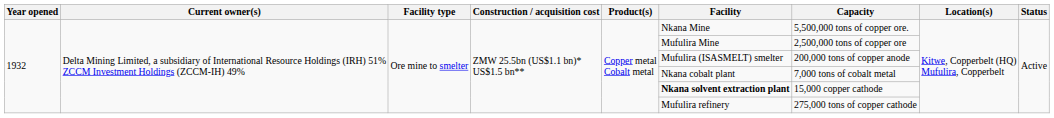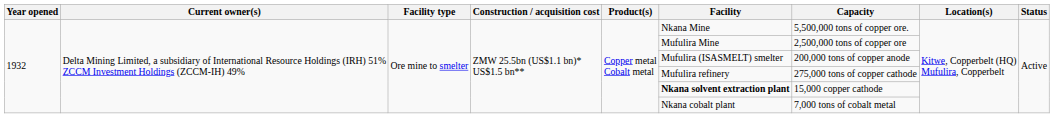 <table class="wikitable">
 <tr>
 <th>Year opened</th>
 <th>Current owner(s)</th>
 <th>Facility type</th>
 <th>Construction / acquisition cost</th>
 <th>Product(s)</th>
 <th>Facility</th>
 <th>Capacity</th>
 <th>Location(s)</th>
 <th>Status</th>
 </tr>
 <tr>
 <td rowspan=6>1932</td>
 <td rowspan=6>Delta Mining Limited, a subsidiary of International Resource Holdings (IRH) 51%<br><a href='#'>ZCCM Investment Holdings</a> (ZCCM-IH) 49%</td>
 <td rowspan=6>Ore mine to <a href='#'>smelter</a></td>
 <td rowspan=6>ZMW 25.5bn (US$1.1 bn)*<br>US$1.5 bn**</td>
 <td rowspan=6><a href='#'>Copper</a> metal<br><a href='#'>Cobalt</a> metal</td>
 <td>Nkana Mine</td>
 <td>5,500,000 tons of copper ore.</td>
 <td rowspan=6><a href='#'>Kitwe</a>, Copperbelt (HQ)<br><a href='#'>Mufulira</a>, Copperbelt</td>
 <td rowspan=6>Active</td>
 </tr>
 <tr>
 <td>Mufulira Mine</td>
 <td>2,500,000 tons of copper ore</td>
 </tr>
 <tr>
 <td>Mufulira (ISASMELT) smelter</td>
 <td>200,000 tons of copper anode</td>
 </tr>
 <tr>
-<td>Nkana cobalt plant</td>
-<td>7,000 tons of cobalt metal</td>
+<td>Mufulira refinery</td>
+<td>275,000 tons of copper cathode</td>
 </tr>
 <tr>
 <td><strong>Nkana solvent extraction plant</strong></td>
 <td>15,000 copper cathode</td>
 </tr>
 <tr>
-<td>Mufulira refinery</td>
-<td>275,000 tons of copper cathode</td>
+<td>Nkana cobalt plant</td>
+<td>7,000 tons of cobalt metal</td>
 </tr>
 </table>
